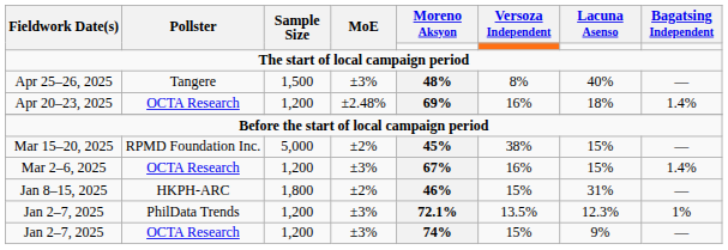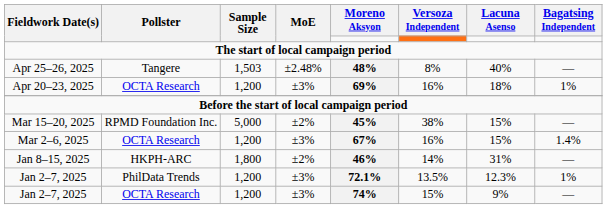 <table class="wikitable" style="text-align:center;font-size:90%;line-height:15px">
 <tr>
 <th rowspan="2">Fieldwork Date(s)</th>
 <th rowspan="2">Pollster</th>
 <th rowspan="2" style="width:60px;">Sample Size</th>
 <th rowspan="2" style="width:60px;">MoE</th>
 <th style="width:75px;"><a href='#'>Moreno</a><br><small><a href='#'>Aksyon</a></small></th>
 <th style="width:75px;"><a href='#'>Versoza</a><br><small><a href='#'>Independent</a></small></th>
 <th style="width:75px;"><a href='#'>Lacuna</a><br><small><a href='#'>Asenso</a></small></th>
 <th style="width:75px;"><a href='#'>Bagatsing</a><br><small><a href='#'>Independent</a></small></th>
 </tr>
 <tr>
 <td style="background:"></td>
 <td style="background:#FF7014;"></td>
 <td style="background:"></td>
 <td style="background:"></td>
 </tr>
 <tr>
 <td colspan="8"><strong>The start of local campaign period</strong></td>
 </tr>
 <tr>
 <td>Apr 25–26, 2025</td>
 <td>Tangere</td>
-<td>1,500</td>
-<td>±3%</td>
+<td>1,503</td>
+<td>±2.48%</td>
 <th style="background-color:#"><strong>48%</strong></th>
 <td>8%</td>
 <td>40%</td>
 <td>—</td>
 </tr>
 <tr>
 <td>Apr 20–23, 2025</td>
 <td><a href='#'>OCTA Research</a></td>
 <td>1,200</td>
-<td>±2.48%</td>
+<td>±3%</td>
 <th style="background-color:#">69%</th>
 <td>16%</td>
 <td>18%</td>
-<td>1.4%</td>
+<td>1%</td>
 </tr>
 <tr>
 </tr>
 <tr>
 <td colspan="8"><strong>Before the start of local campaign period</strong></td>
 </tr>
 <tr>
 <td>Mar 15–20, 2025</td>
 <td>RPMD Foundation Inc.</td>
 <td>5,000</td>
 <td>±2%</td>
 <th style="background-color:#">45%</th>
 <td>38%</td>
 <td>15%</td>
 <td>—</td>
 </tr>
 <tr>
 <td>Mar 2–6, 2025</td>
 <td><a href='#'>OCTA Research</a></td>
 <td>1,200</td>
 <td>±3%</td>
 <th style="background-color:#">67%</th>
 <td>16%</td>
 <td>15%</td>
 <td>1.4%</td>
 </tr>
 <tr>
 <td>Jan 8–15, 2025</td>
 <td>HKPH-ARC</td>
 <td>1,800</td>
 <td>±2%</td>
 <th style="background-color:#">46%</th>
-<td>15%</td>
+<td>14%</td>
 <td>31%</td>
 <td>—</td>
 </tr>
 <tr>
 <td>Jan 2–7, 2025</td>
 <td>PhilData Trends</td>
 <td>1,200</td>
 <td>±3%</td>
 <th style="background-color:#">72.1%</th>
 <td>13.5%</td>
 <td>12.3%</td>
 <td>1%</td>
 </tr>
 <tr>
 <td>Jan 2–7, 2025</td>
 <td><a href='#'>OCTA Research</a></td>
 <td>1,200</td>
 <td>±3%</td>
 <th style="background-color:#">74%</th>
 <td>15%</td>
 <td>9%</td>
 <td>—</td>
 </tr>
 </table>
